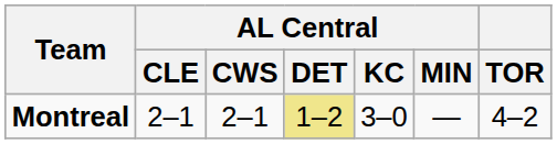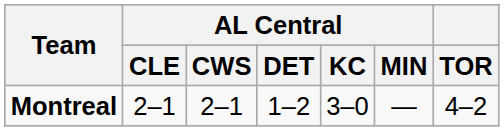 <table class="wikitable" style="text-align:center; font-size: 95%;">
 <tr>
 <th rowspan=2>Team</th>
 <th colspan=5>AL Central</th>
 <th> </th>
 </tr>
 <tr>
 <th><strong>CLE</strong></th>
 <th><strong>CWS</strong></th>
 <th><strong>DET</strong></th>
 <th><strong>KC</strong></th>
 <th><strong>MIN</strong></th>
 <th><strong>TOR</strong></th>
 </tr>
 <tr>
 <td><strong>Montreal</strong></td>
 <td>2–1</td>
 <td>2–1</td>
-<td style="background: khaki;">1–2</td>
+<td>1–2</td>
 <td>3–0</td>
 <td>—</td>
 <td>4–2</td>
 </tr>
 </table>
